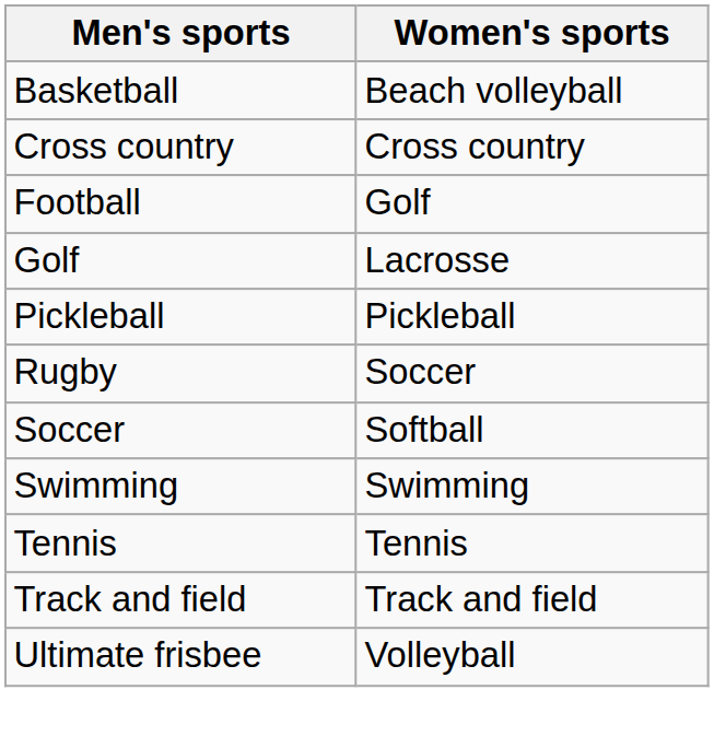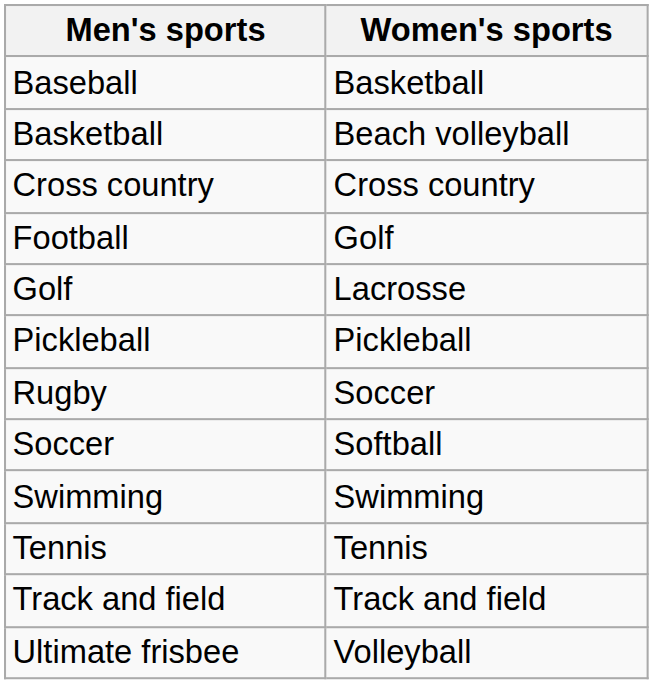 <table class="wikitable"; style= "text-align: ">
 <tr>
 <th width=150px>Men's sports</th>
 <th width=150px>Women's sports</th>
+</tr>
+<tr>
+<td>Baseball</td>
+<td>Basketball</td>
 </tr>
 <tr>
 <td>Basketball</td>
 <td>Beach volleyball</td>
 </tr>
 <tr>
 <td>Cross country</td>
 <td>Cross country</td>
 </tr>
 <tr>
 <td>Football</td>
 <td>Golf</td>
 </tr>
 <tr>
 <td>Golf</td>
 <td>Lacrosse</td>
 </tr>
 <tr>
 <td>Pickleball</td>
 <td>Pickleball</td>
 </tr>
 <tr>
 <td>Rugby</td>
 <td>Soccer</td>
 </tr>
 <tr>
 <td>Soccer</td>
 <td>Softball</td>
 </tr>
 <tr>
 <td>Swimming</td>
 <td>Swimming</td>
 </tr>
 <tr>
 <td>Tennis</td>
 <td>Tennis</td>
 </tr>
 <tr>
 <td>Track and field</td>
 <td>Track and field</td>
 </tr>
 <tr>
 <td>Ultimate frisbee</td>
 <td>Volleyball</td>
 </tr>
 </table>
